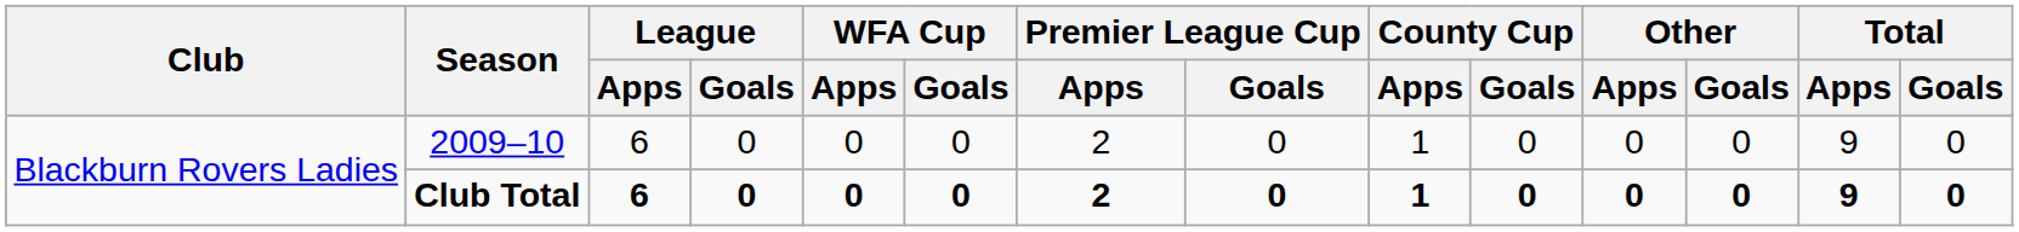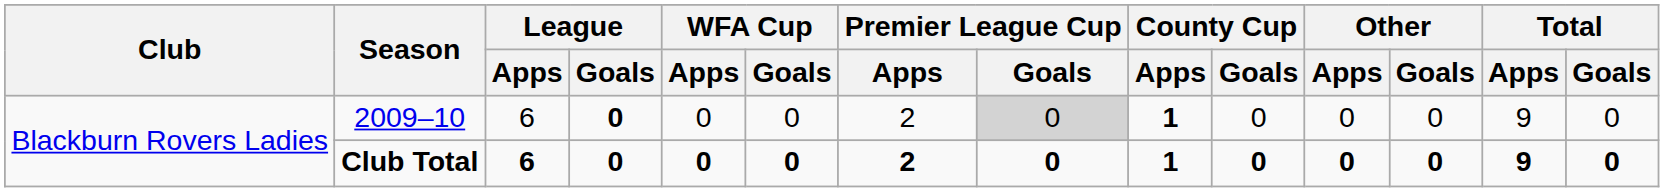 <table class="wikitable" border="1" style="text-align: center;">
 <tr>
 <th rowspan="2">Club</th>
 <th rowspan="2">Season</th>
 <th colspan="2">League</th>
 <th colspan="2">WFA Cup</th>
 <th colspan="2">Premier League Cup</th>
 <th colspan="2">County Cup</th>
 <th colspan="2">Other</th>
 <th colspan="2">Total</th>
 </tr>
 <tr>
 <th>Apps</th>
 <th>Goals</th>
 <th>Apps</th>
 <th>Goals</th>
 <th>Apps</th>
 <th>Goals</th>
 <th>Apps</th>
 <th>Goals</th>
 <th>Apps</th>
 <th>Goals</th>
 <th>Apps</th>
 <th>Goals</th>
 </tr>
 <tr>
 <td rowspan="2" valign="center"><a href='#'>Blackburn Rovers Ladies</a></td>
 <td><a href='#'>2009–10</a></td>
 <td>6</td>
-<td>0</td>
+<td><strong>0</strong></td>
 <td>0</td>
 <td>0</td>
 <td>2</td>
-<td>0</td>
-<td>1</td>
+<td style="background: lightgrey;">0</td>
+<td><strong>1</strong></td>
 <td>0</td>
 <td>0</td>
 <td>0</td>
 <td>9</td>
 <td>0</td>
 </tr>
 <tr>
 <td><strong>Club Total</strong></td>
 <td><strong>6</strong></td>
 <td><strong>0</strong></td>
 <td><strong>0</strong></td>
 <td><strong>0</strong></td>
 <td><strong>2</strong></td>
 <td><strong>0</strong></td>
 <td><strong>1</strong></td>
 <td><strong>0</strong></td>
 <td><strong>0</strong></td>
 <td><strong>0</strong></td>
 <td><strong>9</strong></td>
 <td><strong>0</strong></td>
 </tr>
 </table>
